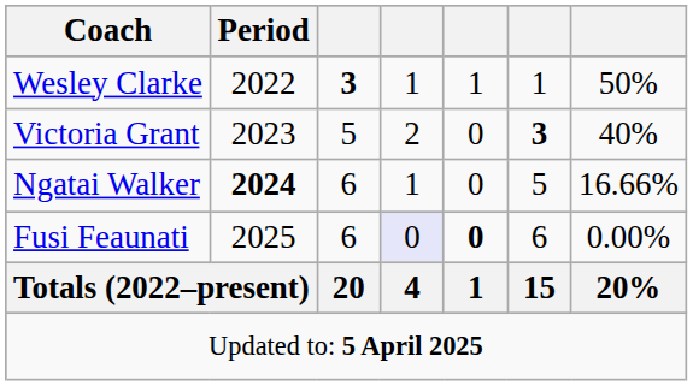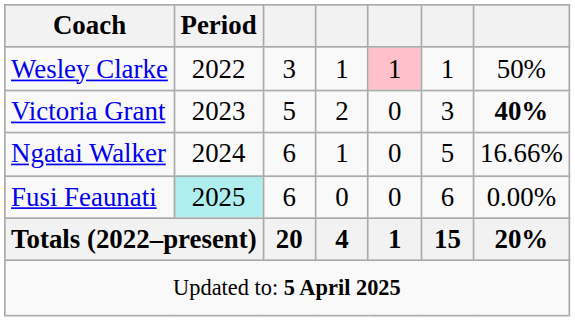 <table class="wikitable" style="text-align: center;">
 <tr>
 <th>Coach</th>
 <th>Period</th>
 <th style="width:1.5em;"></th>
 <th style="width:1.5em;"></th>
 <th style="width:1.5em;"></th>
 <th style="width:1.5em;"></th>
 <th></th>
 </tr>
 <tr>
 <td align=left> <a href='#'>Wesley Clarke</a></td>
 <td>2022</td>
-<td><strong>3</strong></td>
+<td>3</td>
 <td>1</td>
-<td>1</td>
+<td style="background: pink;">1</td>
 <td>1</td>
 <td>50%</td>
 </tr>
 <tr>
 <td align=left> <a href='#'>Victoria Grant</a></td>
 <td>2023</td>
 <td>5</td>
 <td>2</td>
 <td>0</td>
-<td><strong>3</strong></td>
-<td>40%</td>
+<td>3</td>
+<td><strong>40%</strong></td>
 </tr>
 <tr>
 <td align=left> <a href='#'>Ngatai Walker</a></td>
-<td><strong>2024</strong></td>
+<td>2024</td>
 <td>6</td>
 <td>1</td>
 <td>0</td>
 <td>5</td>
 <td>16.66%</td>
 </tr>
 <tr>
 <td align=left> <a href='#'>Fusi Feaunati</a></td>
-<td>2025</td>
+<td style="background: paleturquoise;">2025</td>
 <td>6</td>
-<td style="background: lavender;">0</td>
-<td><strong>0</strong></td>
+<td>0</td>
+<td>0</td>
 <td>6</td>
 <td>0.00%</td>
 </tr>
 <tr>
 <th colspan="2">Totals (2022–present)</th>
 <th>20</th>
 <th>4</th>
 <th>1</th>
 <th>15</th>
 <th>20%</th>
 </tr>
 <tr align="center">
 <td colspan=7 style="border-bottom:1px transparent; line-height:150%;"><small>Updated to: <strong>5 April 2025</strong></small></td>
 </tr>
 </table>
